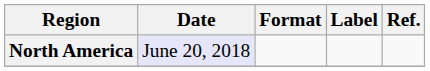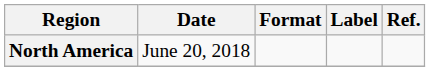 <table class="wikitable plainrowheaders">
 <tr>
 <th scope="col">Region</th>
 <th scope="col">Date</th>
 <th scope="col">Format</th>
 <th scope="col">Label</th>
 <th scope="col">Ref.</th>
 </tr>
 <tr>
 <th scope="row">North America</th>
-<td style="background: lavender;">June 20, 2018</td>
+<td>June 20, 2018</td>
 <td></td>
 <td></td>
 <td></td>
 </tr>
 <tr>
 </tr>
 </table>
